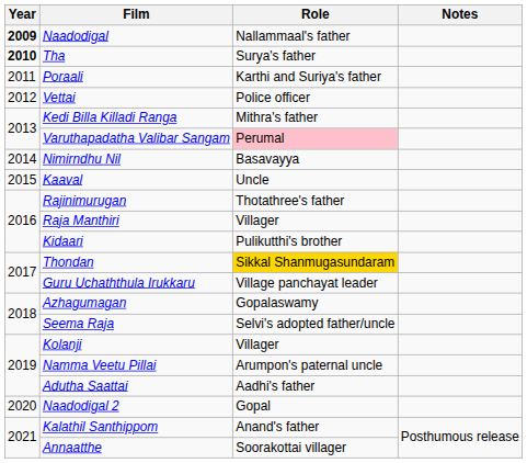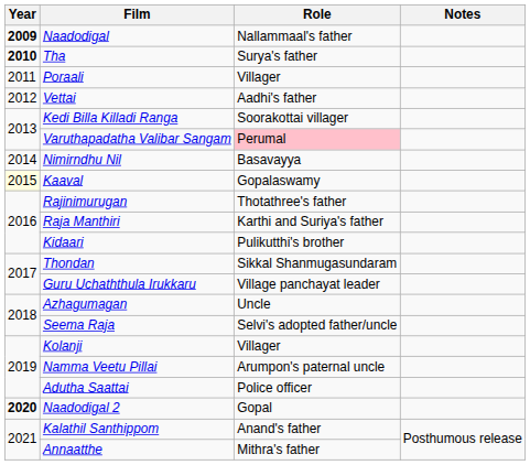 <table class="wikitable sortable">
 <tr>
 <th>Year</th>
 <th>Film</th>
 <th>Role</th>
 <th>Notes</th>
 </tr>
 <tr>
 <td><strong>2009</strong></td>
 <td><em><a href='#'>Naadodigal</a></em></td>
 <td>Nallammaal's father</td>
 <td></td>
 </tr>
 <tr>
 <td><strong>2010</strong></td>
 <td><em><a href='#'>Tha</a></em></td>
 <td>Surya's father</td>
 <td></td>
 </tr>
 <tr>
 <td>2011</td>
 <td><em><a href='#'>Poraali</a></em></td>
-<td>Karthi and Suriya's father</td>
+<td>Villager</td>
 <td></td>
 </tr>
 <tr>
 <td>2012</td>
 <td><em> <a href='#'>Vettai</a></em></td>
-<td>Police officer</td>
+<td>Aadhi's father</td>
 <td></td>
 </tr>
 <tr>
 <td rowspan="2">2013</td>
 <td><em><a href='#'>Kedi Billa Killadi Ranga</a> </em></td>
-<td>Mithra's father</td>
+<td>Soorakottai villager</td>
 <td></td>
 </tr>
 <tr>
 <td><em><a href='#'>Varuthapadatha Valibar Sangam</a></em></td>
 <td style="background: pink;">Perumal</td>
 <td></td>
 </tr>
 <tr>
 <td>2014</td>
 <td><em><a href='#'>Nimirndhu Nil</a></em></td>
 <td>Basavayya</td>
 <td></td>
 </tr>
 <tr>
-<td>2015</td>
+<td style="background: lightyellow;">2015</td>
 <td><em><a href='#'>Kaaval</a></em></td>
-<td>Uncle</td>
+<td>Gopalaswamy</td>
 <td></td>
 </tr>
 <tr>
 <td rowspan="3">2016</td>
 <td><em><a href='#'>Rajinimurugan</a></em></td>
 <td>Thotathree's father</td>
 <td></td>
 </tr>
 <tr>
 <td><em><a href='#'>Raja Manthiri</a></em></td>
-<td>Villager</td>
+<td>Karthi and Suriya's father</td>
 <td></td>
 </tr>
 <tr>
 <td><em><a href='#'>Kidaari</a></em></td>
 <td>Pulikutthi's brother</td>
 <td></td>
 </tr>
 <tr>
 <td rowspan="2">2017</td>
 <td><em><a href='#'>Thondan</a> </em></td>
-<td style="background: gold;">Sikkal Shanmugasundaram</td>
+<td>Sikkal Shanmugasundaram</td>
 <td></td>
 </tr>
 <tr>
 <td><em><a href='#'>Guru Uchaththula Irukkaru</a></em></td>
 <td>Village panchayat leader</td>
 <td></td>
 </tr>
 <tr>
 <td rowspan="2">2018</td>
 <td><em><a href='#'>Azhagumagan</a></em></td>
-<td>Gopalaswamy</td>
+<td>Uncle</td>
 <td></td>
 </tr>
 <tr>
 <td><em><a href='#'>Seema Raja</a></em></td>
 <td>Selvi's adopted father/uncle</td>
 <td></td>
 </tr>
 <tr>
 <td rowspan="3">2019</td>
 <td><em><a href='#'>Kolanji</a></em></td>
 <td>Villager</td>
 <td></td>
 </tr>
 <tr>
 <td><em><a href='#'>Namma Veetu Pillai</a></em></td>
 <td>Arumpon's paternal uncle</td>
 <td></td>
 </tr>
 <tr>
 <td><em><a href='#'>Adutha Saattai</a></em></td>
-<td>Aadhi's father</td>
+<td>Police officer</td>
 <td></td>
 </tr>
 <tr>
-<td>2020</td>
+<td><strong>2020</strong></td>
 <td><em><a href='#'>Naadodigal 2</a></em></td>
 <td>Gopal</td>
 <td></td>
 </tr>
 <tr>
 <td rowspan="2">2021</td>
 <td><em><a href='#'>Kalathil Santhippom</a></em></td>
 <td>Anand's father</td>
 <td rowspan="2">Posthumous release</td>
 </tr>
 <tr>
 <td><em><a href='#'>Annaatthe</a></em></td>
-<td>Soorakottai villager</td>
+<td>Mithra's father</td>
 </tr>
 </table>
